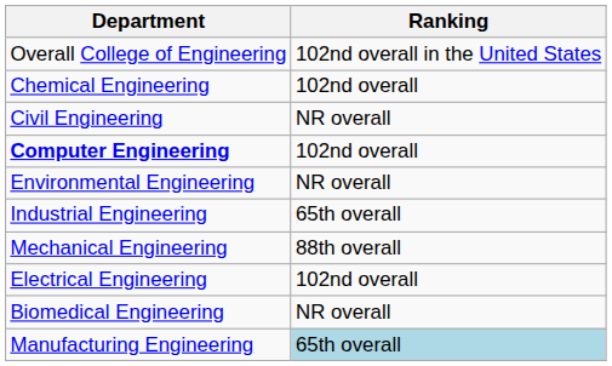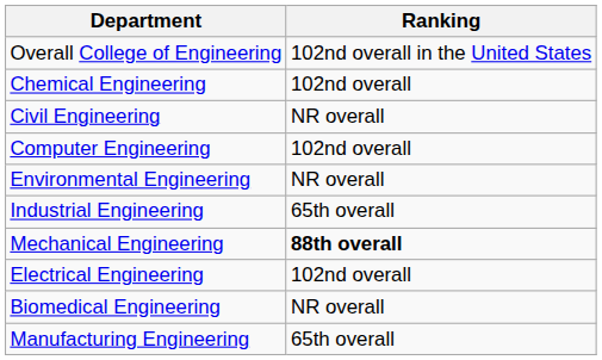 <table class="wikitable">
 <tr>
 <th>Department</th>
 <th>Ranking</th>
 </tr>
 <tr>
 <td>Overall <a href='#'>College of Engineering</a></td>
 <td>102nd overall in the <a href='#'>United States</a> <br></td>
 </tr>
 <tr>
 <td><a href='#'>Chemical Engineering</a></td>
 <td>102nd overall</td>
 </tr>
 <tr>
 <td><a href='#'>Civil Engineering</a></td>
 <td>NR overall</td>
 </tr>
 <tr>
-<td><strong><a href='#'>Computer Engineering</a></strong></td>
+<td><a href='#'>Computer Engineering</a></td>
 <td>102nd overall</td>
 </tr>
 <tr>
 <td><a href='#'>Environmental Engineering</a></td>
 <td>NR overall</td>
 </tr>
 <tr>
 <td><a href='#'>Industrial Engineering</a></td>
 <td>65th overall</td>
 </tr>
 <tr>
 <td><a href='#'>Mechanical Engineering</a></td>
-<td>88th overall</td>
+<td><strong>88th overall</strong></td>
 </tr>
 <tr>
 <td><a href='#'>Electrical Engineering</a></td>
 <td>102nd overall</td>
 </tr>
 <tr>
 <td><a href='#'>Biomedical Engineering</a></td>
 <td>NR overall</td>
 </tr>
 <tr>
 <td><a href='#'>Manufacturing Engineering</a></td>
-<td style="background: lightblue;">65th overall</td>
+<td>65th overall</td>
 </tr>
 </table>
